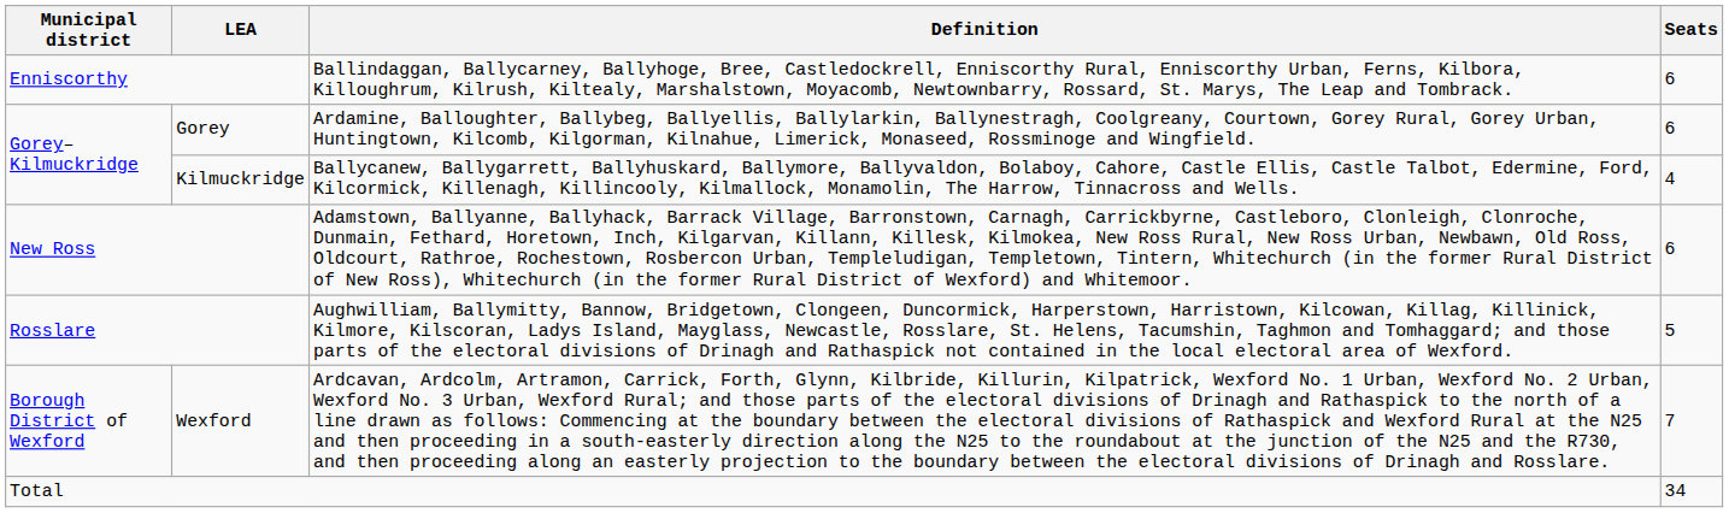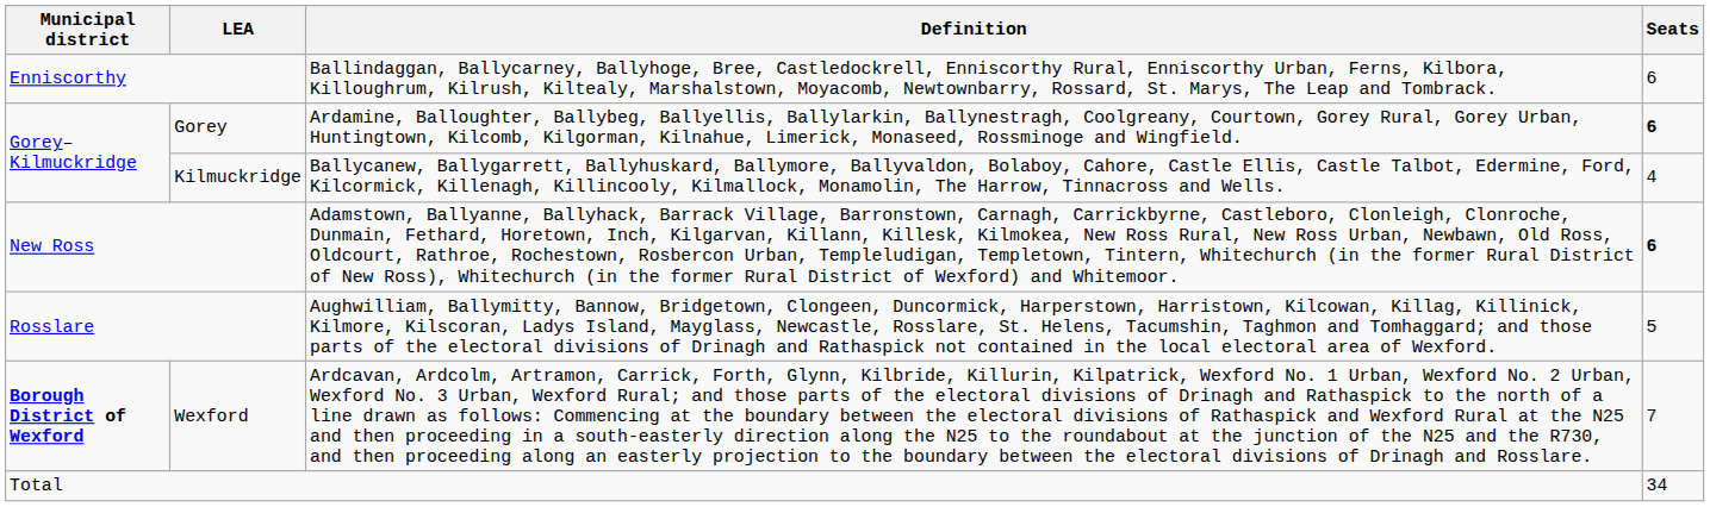 <table class="wikitable">
 <tr>
 <th>Municipal district</th>
 <th>LEA</th>
 <th>Definition</th>
 <th>Seats</th>
 </tr>
 <tr>
 <td colspan=2><a href='#'>Enniscorthy</a></td>
 <td>Ballindaggan, Ballycarney, Ballyhoge, Bree, Castledockrell, Enniscorthy Rural, Enniscorthy Urban, Ferns, Kilbora, Killoughrum, Kilrush, Kiltealy, Marshalstown, Moyacomb, Newtownbarry, Rossard, St. Marys, The Leap and Tombrack.</td>
 <td>6</td>
 </tr>
 <tr>
 <td rowspan=2><a href='#'>Gorey</a>–<a href='#'>Kilmuckridge</a></td>
 <td>Gorey</td>
 <td>Ardamine, Balloughter, Ballybeg, Ballyellis, Ballylarkin, Ballynestragh, Coolgreany, Courtown, Gorey Rural, Gorey Urban, Huntingtown, Kilcomb, Kilgorman, Kilnahue, Limerick, Monaseed, Rossminoge and Wingfield.</td>
-<td>6</td>
+<td><strong>6</strong></td>
 </tr>
 <tr>
 <td>Kilmuckridge</td>
 <td>Ballycanew, Ballygarrett, Ballyhuskard, Ballymore, Ballyvaldon, Bolaboy, Cahore, Castle Ellis, Castle Talbot, Edermine, Ford, Kilcormick, Killenagh, Killincooly, Kilmallock, Monamolin, The Harrow, Tinnacross and Wells.</td>
 <td>4</td>
 </tr>
 <tr>
 <td colspan=2><a href='#'>New Ross</a></td>
 <td>Adamstown, Ballyanne, Ballyhack, Barrack Village, Barronstown, Carnagh, Carrickbyrne, Castleboro, Clonleigh, Clonroche, Dunmain, Fethard, Horetown, Inch, Kilgarvan, Killann, Killesk, Kilmokea, New Ross Rural, New Ross Urban, Newbawn, Old Ross, Oldcourt, Rathroe, Rochestown, Rosbercon Urban, Templeludigan, Templetown, Tintern, Whitechurch (in the former Rural District of New Ross), Whitechurch (in the former Rural District of Wexford) and Whitemoor.</td>
-<td>6</td>
+<td><strong>6</strong></td>
 </tr>
 <tr>
 <td colspan=2><a href='#'>Rosslare</a></td>
 <td>Aughwilliam, Ballymitty, Bannow, Bridgetown, Clongeen, Duncormick, Harperstown, Harristown, Kilcowan, Killag, Killinick, Kilmore, Kilscoran, Ladys Island, Mayglass, Newcastle, Rosslare, St. Helens, Tacumshin, Taghmon and Tomhaggard; and those parts of the electoral divisions of Drinagh and Rathaspick not contained in the local electoral area of Wexford.</td>
 <td>5</td>
 </tr>
 <tr>
-<td><a href='#'>Borough District</a> of <a href='#'>Wexford</a></td>
+<td><strong><a href='#'>Borough District</a> of <a href='#'>Wexford</a></strong></td>
 <td>Wexford</td>
 <td>Ardcavan, Ardcolm, Artramon, Carrick, Forth, Glynn, Kilbride, Killurin, Kilpatrick, Wexford No. 1 Urban, Wexford No. 2 Urban, Wexford No. 3 Urban, Wexford Rural; and those parts of the electoral divisions of Drinagh and Rathaspick to the north of a line drawn as follows: Commencing at the boundary between the electoral divisions of Rathaspick and Wexford Rural at the N25 and then proceeding in a south-easterly direction along the N25 to the roundabout at the junction of the N25 and the R730, and then proceeding along an easterly projection to the boundary between the electoral divisions of Drinagh and Rosslare.</td>
 <td>7</td>
 </tr>
 <tr>
 <td colspan=3>Total</td>
 <td>34</td>
 </tr>
 </table>
